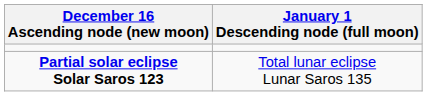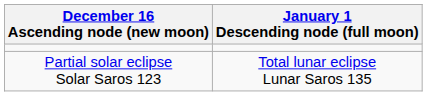 <table class="wikitable">
 <tr>
 <th><a href='#'>December 16</a><br>Ascending node (new moon)<br></th>
 <th><a href='#'>January 1</a><br>Descending node (full moon)<br></th>
 </tr>
 <tr>
 <td></td>
 <td></td>
 </tr>
 <tr align=center>
-<td><strong><a href='#'>Partial solar eclipse</a><br>Solar Saros 123</strong></td>
+<td><a href='#'>Partial solar eclipse</a><br>Solar Saros 123</td>
 <td><a href='#'>Total lunar eclipse</a><br>Lunar Saros 135</td>
 </tr>
 </table>
